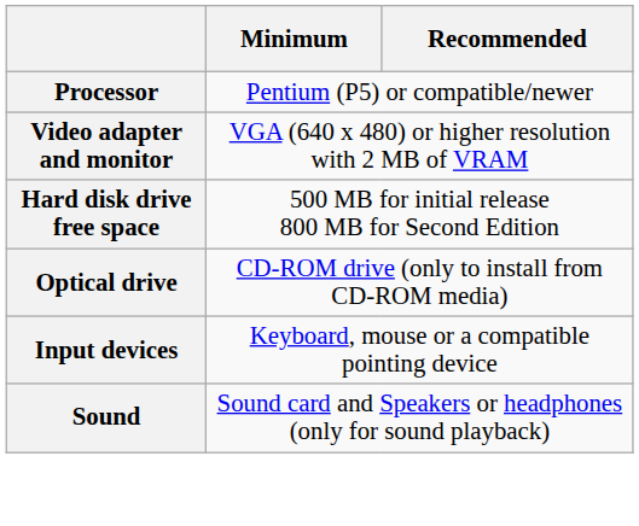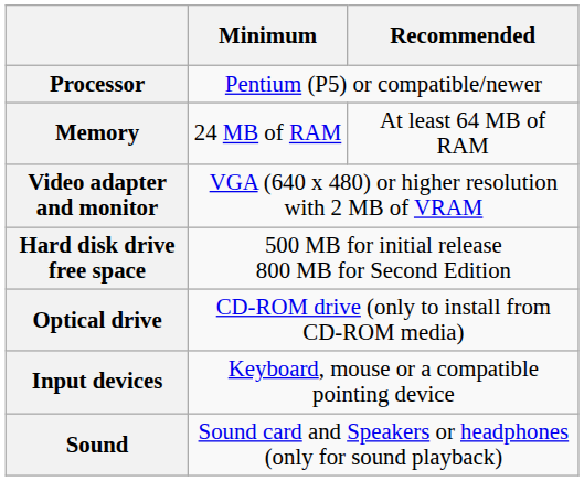 <table class="wikitable" style="width:400px; text-align:center; margin-left:auto; margin-right:auto;">
 <tr>
 <th style="width:120px; height:35px;"></th>
 <th>Minimum</th>
 <th>Recommended</th>
 </tr>
 <tr>
 <th>Processor</th>
 <td colspan="2"><a href='#'>Pentium</a> (P5) or compatible/newer</td>
+</tr>
+<tr>
+<th>Memory</th>
+<td>24 <a href='#'>MB</a> of <a href='#'>RAM</a></td>
+<td>At least 64 MB of RAM</td>
 </tr>
 <tr>
 <th>Video adapter and monitor</th>
 <td colspan="2"><a href='#'>VGA</a> (640 x 480) or higher resolution with 2 MB of <a href='#'>VRAM</a></td>
 </tr>
 <tr>
 <th>Hard disk drive free space</th>
 <td colspan="2" style="text-align:center;">500 MB for initial release<br>800 MB for Second Edition</td>
 </tr>
 <tr>
 <th>Optical drive</th>
 <td colspan="2"><a href='#'>CD-ROM drive</a> (only to install from CD-ROM media)</td>
 </tr>
 <tr>
 <th>Input devices</th>
 <td colspan="2"><a href='#'>Keyboard</a>, mouse or a compatible pointing device</td>
 </tr>
 <tr>
 <th>Sound</th>
 <td colspan="2"><a href='#'>Sound card</a> and <a href='#'>Speakers</a> or <a href='#'>headphones</a> (only for sound playback)</td>
 </tr>
 </table>
